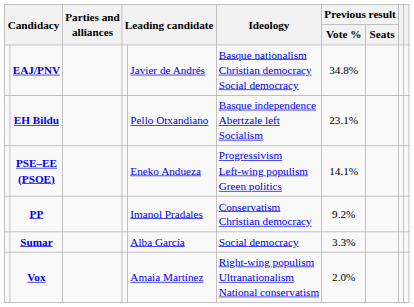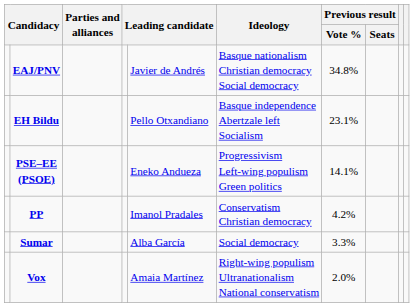 <table class="wikitable" style="line-height:1.35em; text-align:left;">
 <tr>
 <th colspan="2" rowspan="2">Candidacy</th>
 <th rowspan="2">Parties and<br>alliances</th>
 <th colspan="2" rowspan="2">Leading candidate</th>
 <th rowspan="2">Ideology</th>
 <th colspan="2">Previous result</th>
 <th rowspan="2"></th>
 <th rowspan="2"></th>
 </tr>
 <tr>
 <th>Vote %</th>
 <th>Seats</th>
 </tr>
 <tr>
 <td width="1" style="color:inherit;background:"></td>
 <td align="center"><strong><a href='#'>EAJ/PNV</a></strong></td>
 <td></td>
 <td></td>
 <td><a href='#'>Javier de Andrés</a></td>
 <td><a href='#'>Basque nationalism</a><br><a href='#'>Christian democracy</a><br><a href='#'>Social democracy</a></td>
 <td align="center">34.8%</td>
 <td></td>
 <td></td>
 <td></td>
 </tr>
 <tr>
 <td style="color:inherit;background:"></td>
 <td align="center"><strong><a href='#'>EH Bildu</a></strong></td>
 <td></td>
 <td></td>
 <td><a href='#'>Pello Otxandiano</a></td>
 <td><a href='#'>Basque independence</a><br><a href='#'>Abertzale left</a><br><a href='#'>Socialism</a></td>
 <td align="center">23.1%</td>
 <td></td>
 <td></td>
 <td></td>
 </tr>
 <tr>
 <td style="color:inherit;background:"></td>
 <td align="center"><strong><a href='#'>PSE–EE<br>(PSOE)</a></strong></td>
 <td></td>
 <td></td>
 <td><a href='#'>Eneko Andueza</a></td>
 <td><a href='#'>Progressivism</a><br><a href='#'>Left-wing populism</a><br><a href='#'>Green politics</a></td>
 <td align="center">14.1%</td>
 <td></td>
 <td></td>
 <td></td>
 </tr>
 <tr>
 <td style="color:inherit;background:"></td>
 <td align="center"><strong><a href='#'>PP</a></strong></td>
 <td></td>
 <td></td>
 <td><a href='#'>Imanol Pradales</a></td>
 <td><a href='#'>Conservatism</a><br><a href='#'>Christian democracy</a></td>
-<td align="center">9.2%</td>
+<td align="center">4.2%</td>
 <td></td>
 <td></td>
 <td></td>
 </tr>
 <tr>
 <td style="color:inherit;background:"></td>
 <td align="center"><strong><a href='#'>Sumar</a></strong></td>
 <td></td>
 <td></td>
 <td><a href='#'>Alba García</a></td>
 <td><a href='#'>Social democracy</a></td>
 <td align="center">3.3%</td>
 <td></td>
 <td></td>
 <td></td>
 </tr>
 <tr>
 <td style="color:inherit;background:"></td>
 <td align="center"><strong><a href='#'>Vox</a></strong></td>
 <td></td>
 <td></td>
 <td><a href='#'>Amaia Martínez</a></td>
 <td><a href='#'>Right-wing populism</a><br><a href='#'>Ultranationalism</a><br><a href='#'>National conservatism</a></td>
 <td align="center">2.0%</td>
 <td></td>
 <td></td>
 <td></td>
 </tr>
 </table>
